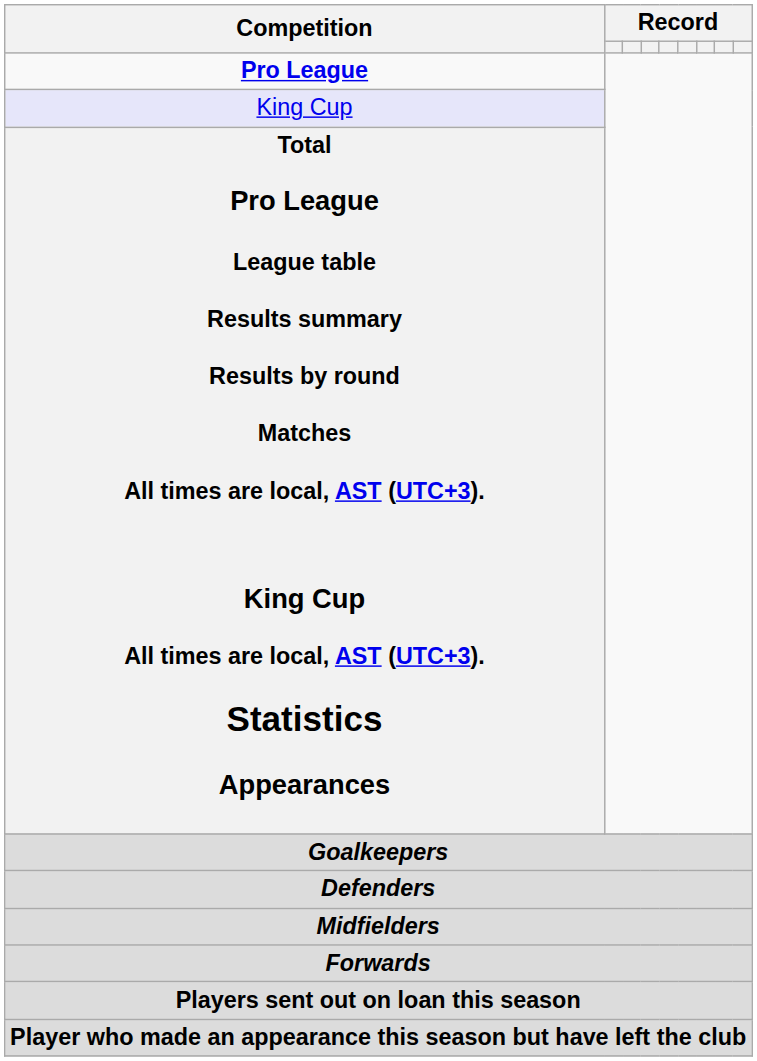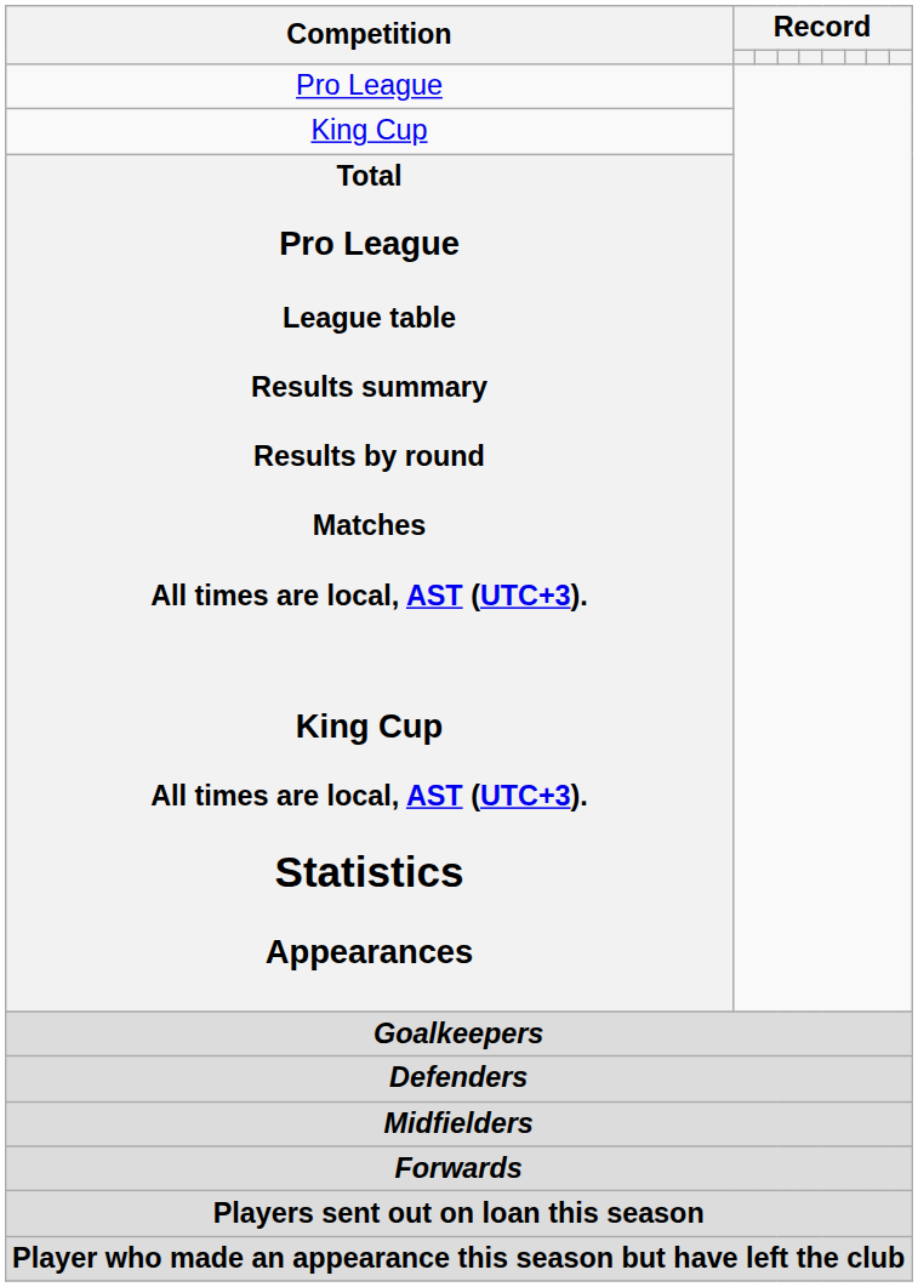 <table class="wikitable" style="text-align: center">
 <tr>
 <th rowspan=2>Competition</th>
 <th colspan=8>Record</th>
 </tr>
 <tr>
 <th></th>
 <th></th>
 <th></th>
 <th></th>
 <th></th>
 <th></th>
 <th></th>
 <th></th>
 </tr>
 <tr>
-<td><strong><a href='#'>Pro League</a><br></strong></td>
+<td><a href='#'>Pro League</a><br></td>
 </tr>
 <tr>
-<td style="background: lavender;"><a href='#'>King Cup</a><br></td>
+<td><a href='#'>King Cup</a><br></td>
 </tr>
 <tr>
 <th>Total<br> <h3>Pro League</h3><h4>League table</h4><h4>Results summary</h4> <h4>Results by round</h4><h4>Matches</h4>All times are local, <a href='#'>AST</a> (<a href='#'>UTC+3</a>).<br>   <br>                             <br><h3>King Cup</h3> All times are local, <a href='#'>AST</a> (<a href='#'>UTC+3</a>).<br><h2>Statistics</h2><h3>Appearances</h3></th>
 </tr>
 <tr>
 <th colspan=10 style=background:#dcdcdc; text-align:center><em>Goalkeepers</em><br>  </th>
 </tr>
 <tr>
 <th colspan=10 style=background:#dcdcdc; text-align:center><em>Defenders</em><br>         </th>
 </tr>
 <tr>
 <th colspan=10 style=background:#dcdcdc; text-align:center><em>Midfielders</em><br>           </th>
 </tr>
 <tr>
 <th colspan=10 style=background:#dcdcdc; text-align:center><em>Forwards</em><br>  </th>
 </tr>
 <tr>
 <th colspan=16 style=background:#dcdcdc; text-align:center>Players sent out on loan this season<br>  </th>
 </tr>
 <tr>
 <th colspan=18 style=background:#dcdcdc; text-align:center>Player who made an appearance this season but have left the club<br></th>
 </tr>
 </table>
